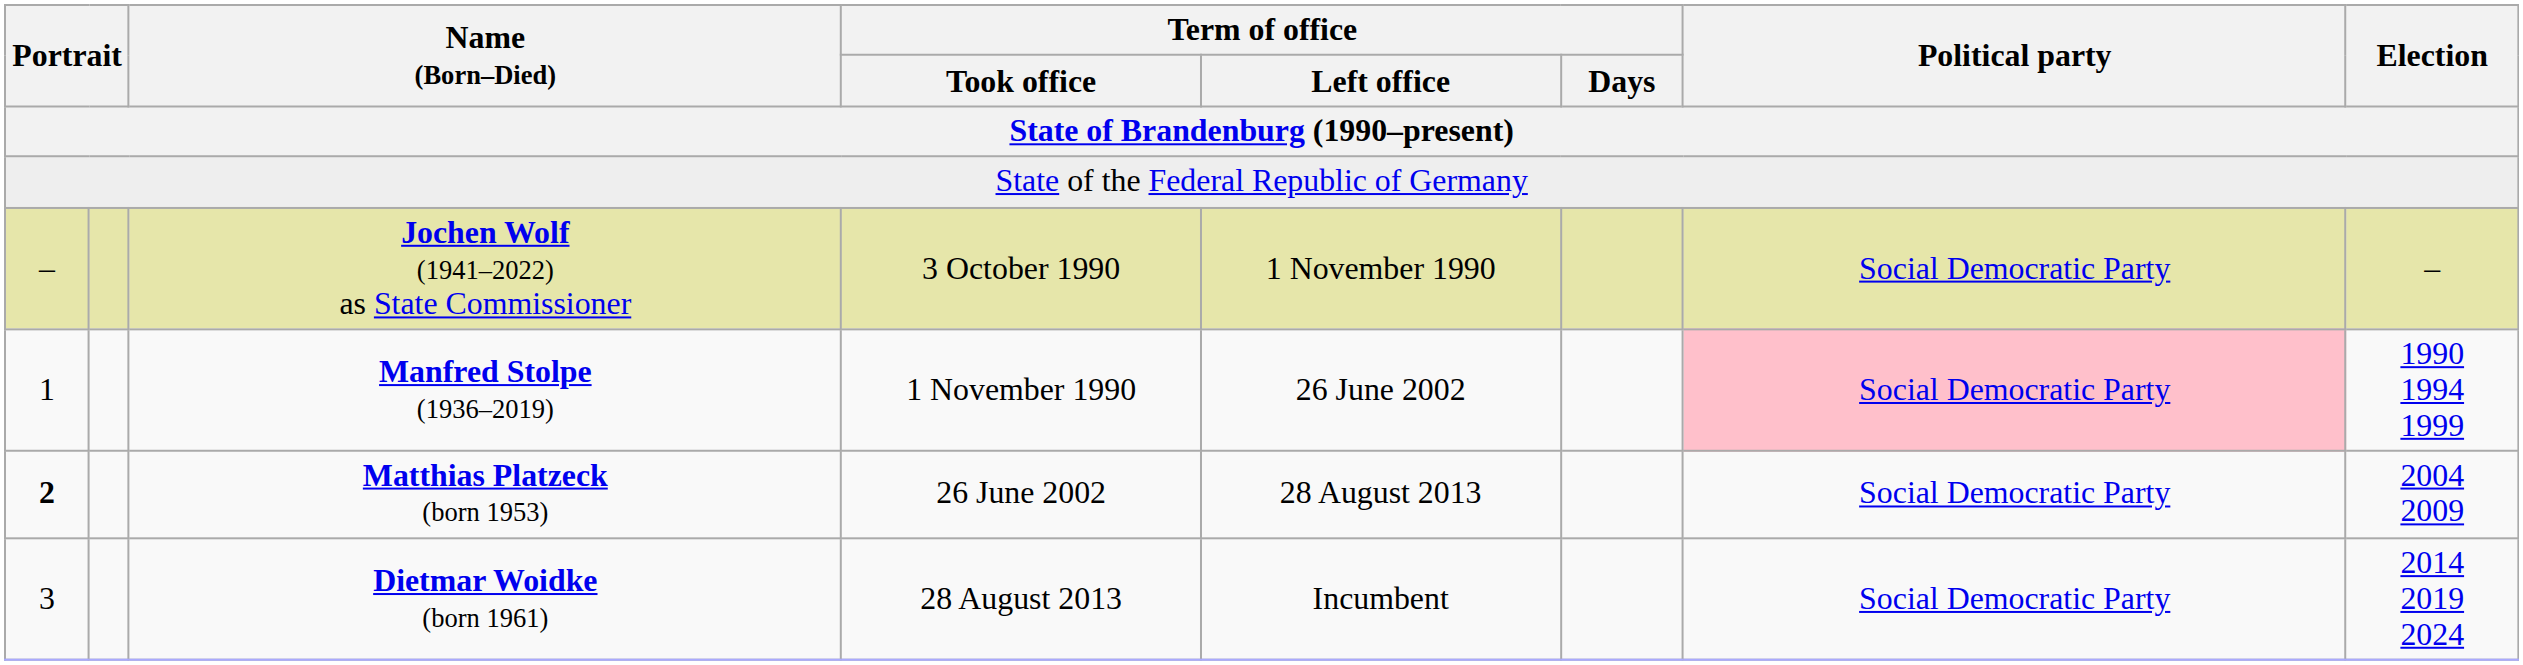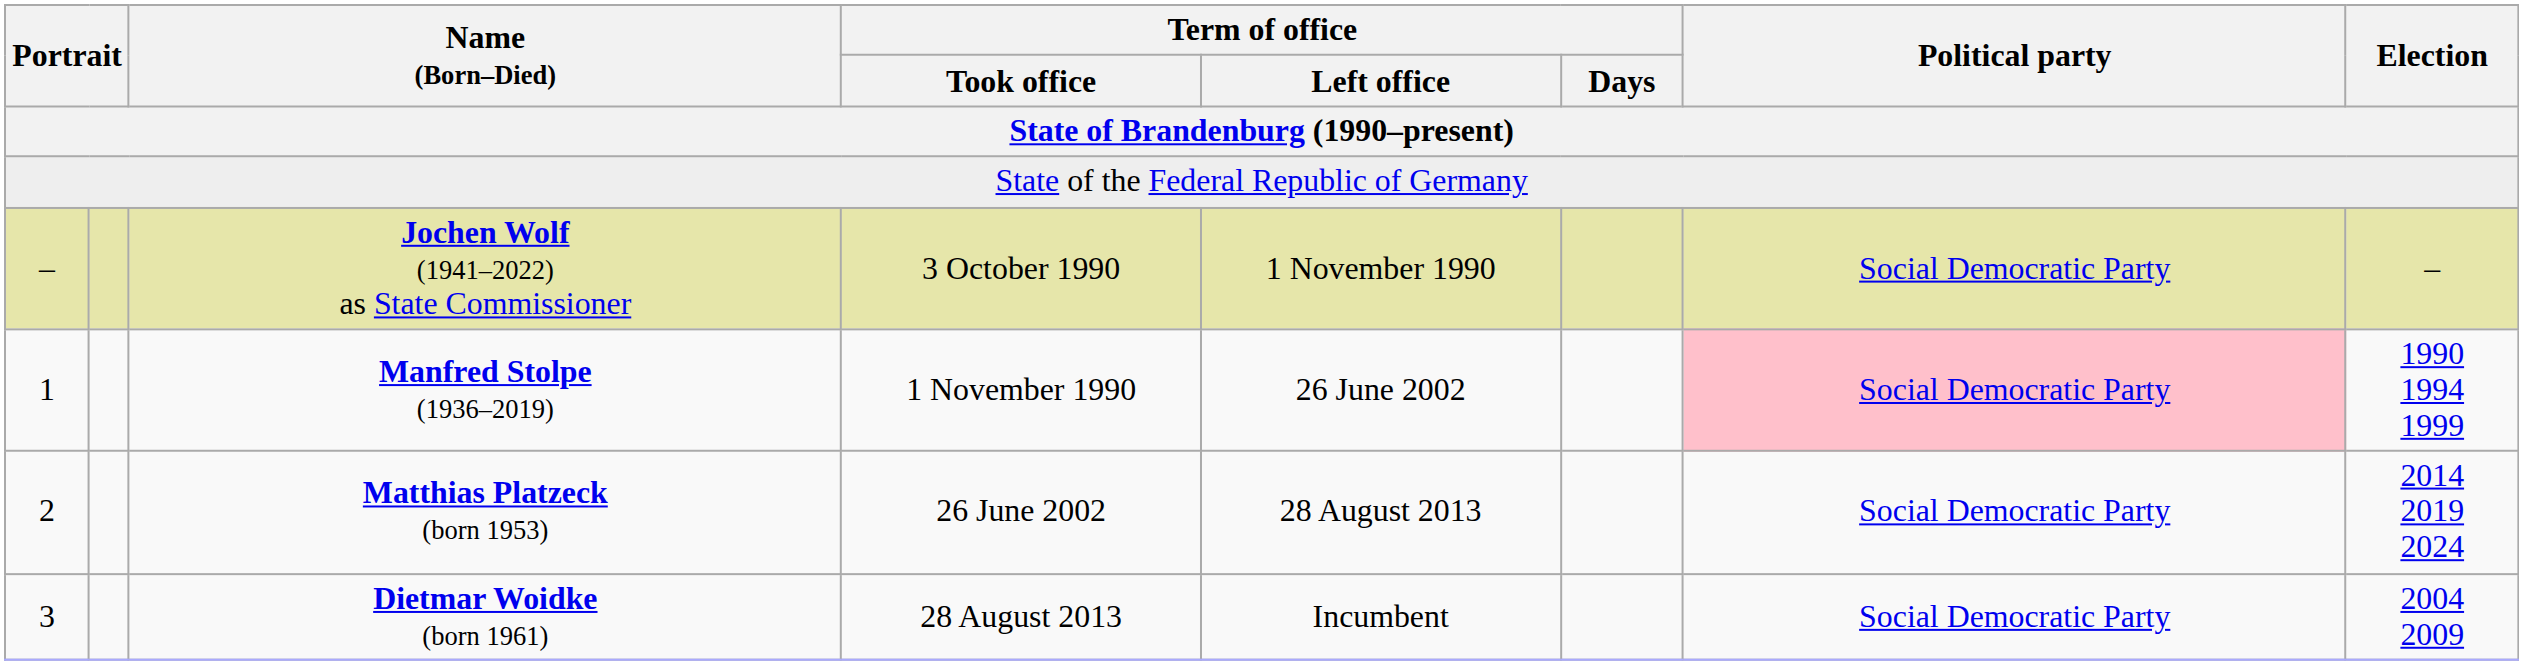 <table class="wikitable" style="text-align:center; width:100%; border:1px #AAAAFF solid">
 <tr>
 <th width=80px rowspan=2 colspan=2>Portrait</th>
 <th width=30% rowspan=2>Name<br><small>(Born–Died)</small></th>
 <th width=35% colspan=3>Term of office</th>
 <th width=28% rowspan=2>Political party</th>
 <th width=28% rowspan=2>Election</th>
 </tr>
 <tr>
 <th>Took office</th>
 <th>Left office</th>
 <th>Days</th>
 </tr>
 <tr>
 <th colspan="8"><a href='#'>State of Brandenburg</a> (1990–present)</th>
 </tr>
 <tr>
 <td bgcolor=#EEEEEE colspan=8><a href='#'>State</a> of the <a href='#'>Federal Republic of Germany</a></td>
 </tr>
 <tr style="background-color: #E6E6AA">
 <td style="background:">–</td>
 <td></td>
 <td><strong><a href='#'>Jochen Wolf</a></strong><br><small>(1941–2022)</small><br>as <a href='#'>State Commissioner</a></td>
 <td>3 October 1990</td>
 <td>1 November 1990</td>
 <td></td>
 <td><a href='#'>Social Democratic Party</a></td>
 <td>–</td>
 </tr>
 <tr>
 <td style="background:">1</td>
 <td></td>
 <td><strong><a href='#'>Manfred Stolpe</a></strong><br><small>(1936–2019)</small></td>
 <td>1 November 1990</td>
 <td>26 June 2002<br></td>
 <td></td>
 <td style="background: pink;"><a href='#'>Social Democratic Party</a></td>
 <td><a href='#'>1990</a><br><a href='#'>1994</a><br><a href='#'>1999</a></td>
 </tr>
 <tr>
-<td style="background:"><strong>2</strong></td>
+<td style="background:">2</td>
 <td></td>
 <td><strong><a href='#'>Matthias Platzeck</a></strong><br><small>(born 1953)</small></td>
 <td>26 June 2002</td>
 <td>28 August 2013<br></td>
 <td></td>
 <td><a href='#'>Social Democratic Party</a></td>
-<td><a href='#'>2004</a><br><a href='#'>2009</a></td>
+<td><a href='#'>2014</a><br><a href='#'>2019</a><br><a href='#'>2024</a></td>
 </tr>
 <tr>
 <td style="background:">3</td>
 <td></td>
 <td><strong><a href='#'>Dietmar Woidke</a></strong><br><small>(born 1961)</small></td>
 <td>28 August 2013</td>
 <td>Incumbent</td>
 <td></td>
 <td><a href='#'>Social Democratic Party</a></td>
-<td><a href='#'>2014</a><br><a href='#'>2019</a><br><a href='#'>2024</a></td>
+<td><a href='#'>2004</a><br><a href='#'>2009</a></td>
 </tr>
 <tr>
 </tr>
 </table>
